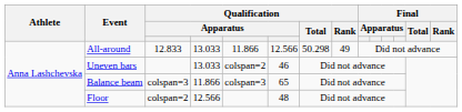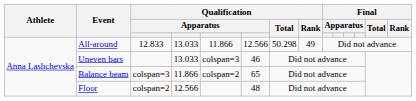 <table class=wikitable style=font-size:90%;text-align:center>
 <tr>
 <th rowspan=3>Athlete</th>
 <th rowspan=3>Event</th>
 <th colspan=6>Qualification</th>
 <th colspan=6>Final</th>
 </tr>
 <tr style=font-size:95%>
 <th colspan=4>Apparatus</th>
 <th rowspan=2>Total</th>
 <th rowspan=2>Rank</th>
 <th colspan=4>Apparatus</th>
 <th rowspan=2>Total</th>
 <th rowspan=2>Rank</th>
 </tr>
 <tr style=font-size:95%>
 <th></th>
 <th></th>
 <th></th>
 <th></th>
 <th></th>
 <th></th>
 <th></th>
 <th></th>
 </tr>
 <tr>
 <td align=left rowspan=4><a href='#'>Anna Lashchevska</a></td>
 <td align=left><a href='#'>All-around</a></td>
 <td>12.833</td>
 <td>13.033</td>
 <td>11.866</td>
 <td>12.566</td>
 <td>50.298</td>
 <td>49</td>
 <td colspan="6">Did not advance</td>
 </tr>
 <tr>
 <td align=left><a href='#'>Uneven bars</a></td>
 <td></td>
 <td>13.033</td>
-<td>colspan=2 </td>
+<td>colspan=3 </td>
 <td>46</td>
 <td colspan=6>Did not advance</td>
 </tr>
 <tr>
 <td align=left><a href='#'>Balance beam</a></td>
 <td>colspan=3 </td>
 <td>11.866</td>
-<td>colspan=3 </td>
+<td>colspan=2 </td>
 <td>65</td>
 <td colspan=6>Did not advance</td>
 </tr>
 <tr>
 <td align=left><a href='#'>Floor</a></td>
 <td>colspan=2 </td>
 <td>12.566</td>
 <td></td>
 <td>48</td>
 <td colspan=6>Did not advance</td>
 </tr>
 </table>
